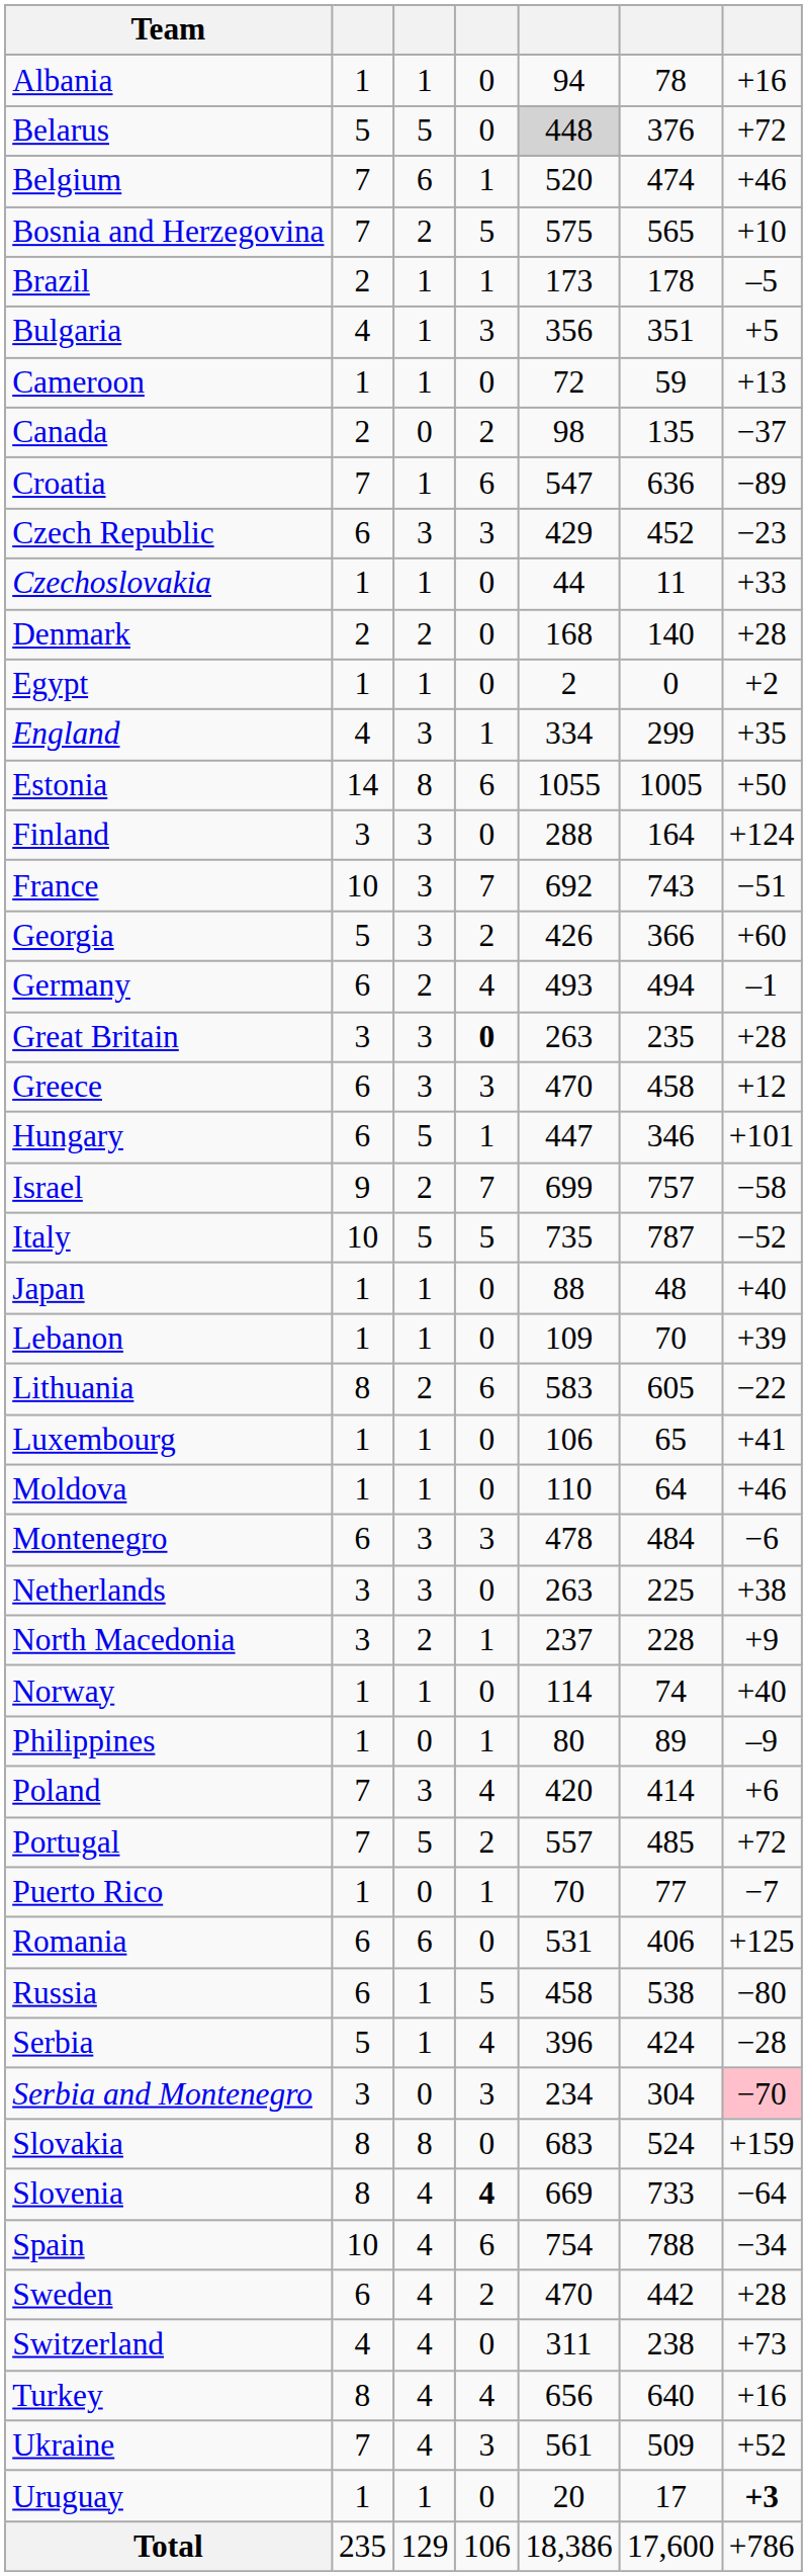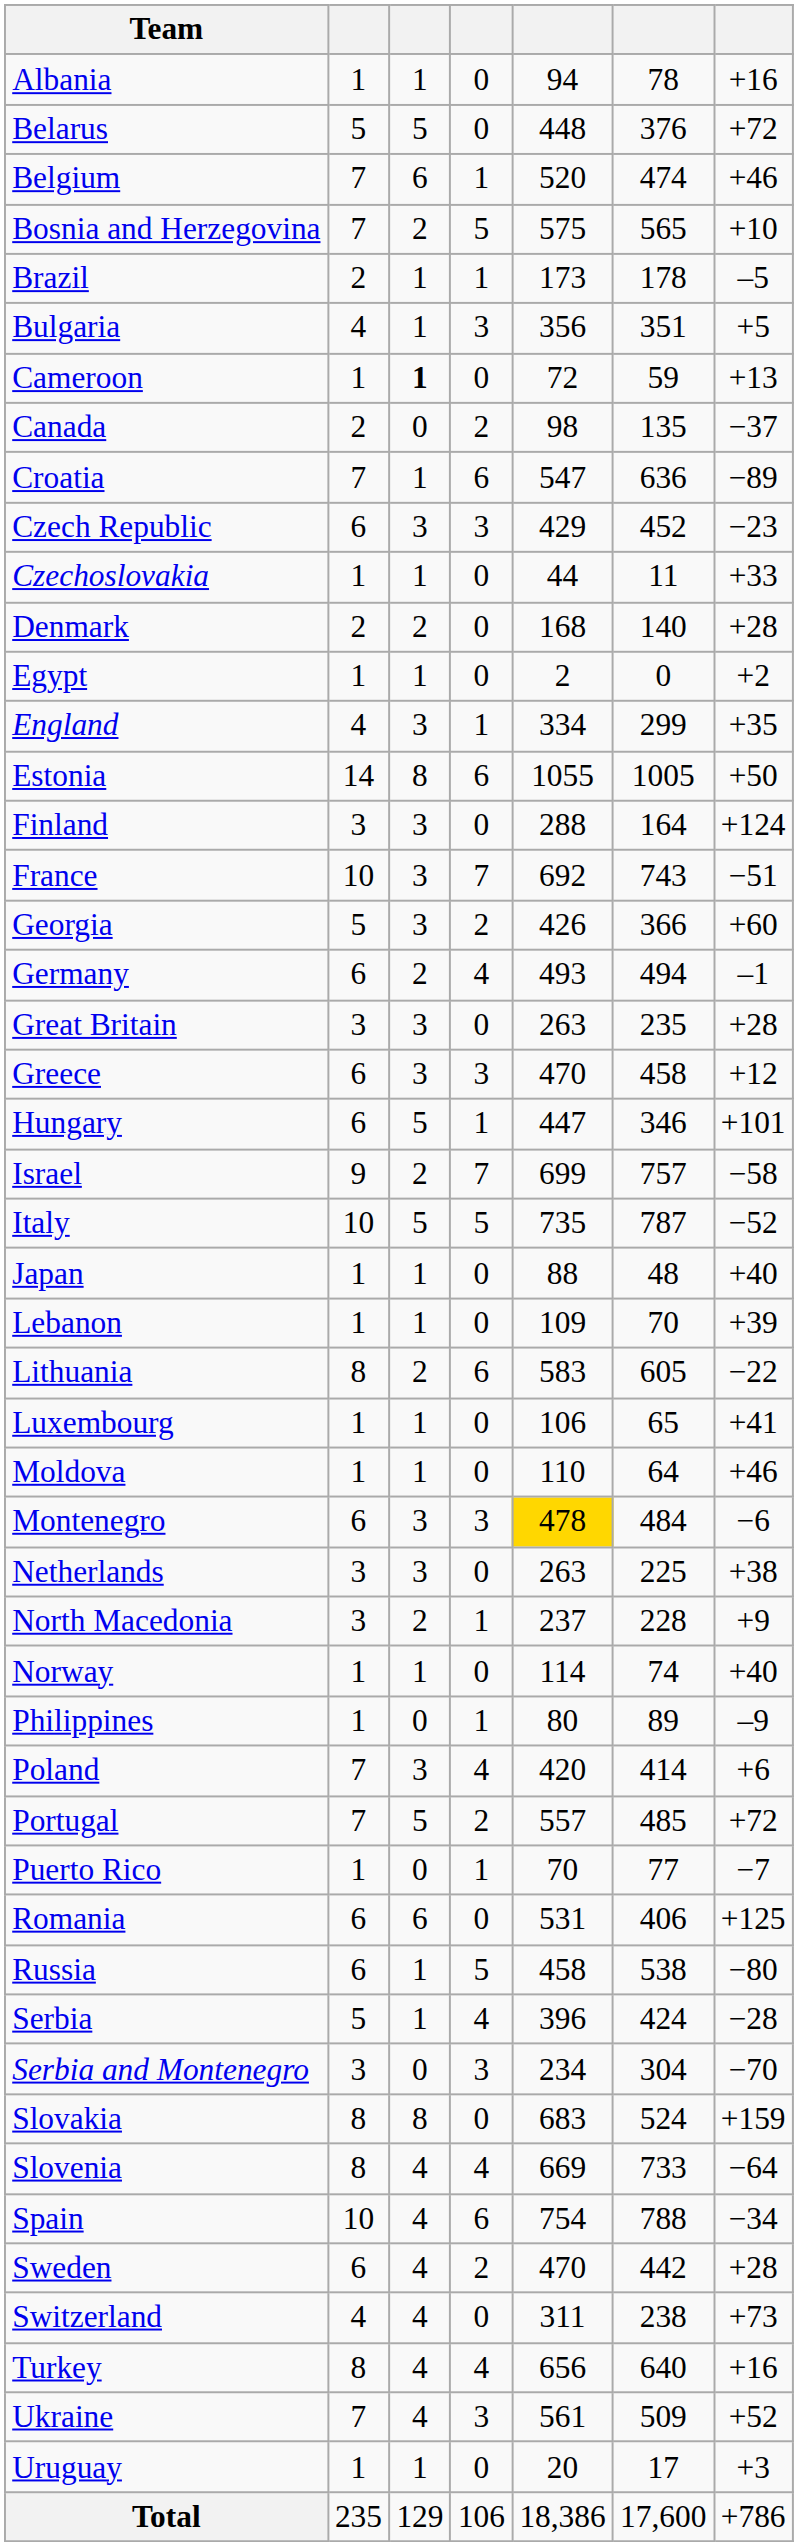 <table class="wikitable sortable collapsible collapsed" style="text-align: center; font-size: 100%;">
 <tr>
 <th>Team</th>
 <th width="15"></th>
 <th width="15"></th>
 <th width="15"></th>
 <th></th>
 <th></th>
 <th></th>
 </tr>
 <tr>
 <td align="left"> <a href='#'>Albania</a></td>
 <td>1</td>
 <td>1</td>
 <td>0</td>
 <td>94</td>
 <td>78</td>
 <td>+16</td>
 </tr>
 <tr>
 <td align="left"> <a href='#'>Belarus</a></td>
 <td>5</td>
 <td>5</td>
 <td>0</td>
-<td style="background: lightgrey;">448</td>
+<td>448</td>
 <td>376</td>
 <td>+72</td>
 </tr>
 <tr>
 <td align="left"> <a href='#'>Belgium</a></td>
 <td>7</td>
 <td>6</td>
 <td>1</td>
 <td>520</td>
 <td>474</td>
 <td>+46</td>
 </tr>
 <tr>
 <td align="left"> <a href='#'>Bosnia and Herzegovina</a></td>
 <td>7</td>
 <td>2</td>
 <td>5</td>
 <td>575</td>
 <td>565</td>
 <td>+10</td>
 </tr>
 <tr>
 <td align="left"> <a href='#'>Brazil</a></td>
 <td>2</td>
 <td>1</td>
 <td>1</td>
 <td>173</td>
 <td>178</td>
 <td>–5</td>
 </tr>
 <tr>
 <td align="left"> <a href='#'>Bulgaria</a></td>
 <td>4</td>
 <td>1</td>
 <td>3</td>
 <td>356</td>
 <td>351</td>
 <td>+5</td>
 </tr>
 <tr>
 <td align="left"> <a href='#'>Cameroon</a></td>
 <td>1</td>
-<td>1</td>
+<td><strong>1</strong></td>
 <td>0</td>
 <td>72</td>
 <td>59</td>
 <td>+13</td>
 </tr>
 <tr>
 <td align="left"> <a href='#'>Canada</a></td>
 <td>2</td>
 <td>0</td>
 <td>2</td>
 <td>98</td>
 <td>135</td>
 <td>−37</td>
 </tr>
 <tr>
 <td align="left"> <a href='#'>Croatia</a></td>
 <td>7</td>
 <td>1</td>
 <td>6</td>
 <td>547</td>
 <td>636</td>
 <td>−89</td>
 </tr>
 <tr>
 <td align="left"> <a href='#'>Czech Republic</a></td>
 <td>6</td>
 <td>3</td>
 <td>3</td>
 <td>429</td>
 <td>452</td>
 <td>−23</td>
 </tr>
 <tr>
 <td align="left"> <em><a href='#'>Czechoslovakia</a></em></td>
 <td>1</td>
 <td>1</td>
 <td>0</td>
 <td>44</td>
 <td>11</td>
 <td>+33</td>
 </tr>
 <tr>
 <td align="left"> <a href='#'>Denmark</a></td>
 <td>2</td>
 <td>2</td>
 <td>0</td>
 <td>168</td>
 <td>140</td>
 <td>+28</td>
 </tr>
 <tr>
 <td align="left"> <a href='#'>Egypt</a></td>
 <td>1</td>
 <td>1</td>
 <td>0</td>
 <td>2</td>
 <td>0</td>
 <td>+2</td>
 </tr>
 <tr>
 <td align="left"> <em><a href='#'>England</a></em></td>
 <td>4</td>
 <td>3</td>
 <td>1</td>
 <td>334</td>
 <td>299</td>
 <td>+35</td>
 </tr>
 <tr>
 <td align="left"> <a href='#'>Estonia</a></td>
 <td>14</td>
 <td>8</td>
 <td>6</td>
 <td>1055</td>
 <td>1005</td>
 <td>+50</td>
 </tr>
 <tr>
 <td align="left"> <a href='#'>Finland</a></td>
 <td>3</td>
 <td>3</td>
 <td>0</td>
 <td>288</td>
 <td>164</td>
 <td>+124</td>
 </tr>
 <tr>
 <td align="left"> <a href='#'>France</a></td>
 <td>10</td>
 <td>3</td>
 <td>7</td>
 <td>692</td>
 <td>743</td>
 <td>−51</td>
 </tr>
 <tr>
 <td align="left"> <a href='#'>Georgia</a></td>
 <td>5</td>
 <td>3</td>
 <td>2</td>
 <td>426</td>
 <td>366</td>
 <td>+60</td>
 </tr>
 <tr>
 <td align="left"> <a href='#'>Germany</a></td>
 <td>6</td>
 <td>2</td>
 <td>4</td>
 <td>493</td>
 <td>494</td>
 <td>–1</td>
 </tr>
 <tr>
 <td align="left"> <a href='#'>Great Britain</a></td>
 <td>3</td>
 <td>3</td>
-<td><strong>0</strong></td>
+<td>0</td>
 <td>263</td>
 <td>235</td>
 <td>+28</td>
 </tr>
 <tr>
 <td align="left"> <a href='#'>Greece</a></td>
 <td>6</td>
 <td>3</td>
 <td>3</td>
 <td>470</td>
 <td>458</td>
 <td>+12</td>
 </tr>
 <tr>
 <td align="left"> <a href='#'>Hungary</a></td>
 <td>6</td>
 <td>5</td>
 <td>1</td>
 <td>447</td>
 <td>346</td>
 <td>+101</td>
 </tr>
 <tr>
 <td align="left"> <a href='#'>Israel</a></td>
 <td>9</td>
 <td>2</td>
 <td>7</td>
 <td>699</td>
 <td>757</td>
 <td>−58</td>
 </tr>
 <tr>
 <td align="left"> <a href='#'>Italy</a></td>
 <td>10</td>
 <td>5</td>
 <td>5</td>
 <td>735</td>
 <td>787</td>
 <td>−52</td>
 </tr>
 <tr>
 <td align="left"> <a href='#'>Japan</a></td>
 <td>1</td>
 <td>1</td>
 <td>0</td>
 <td>88</td>
 <td>48</td>
 <td>+40</td>
 </tr>
 <tr>
 <td align="left"> <a href='#'>Lebanon</a></td>
 <td>1</td>
 <td>1</td>
 <td>0</td>
 <td>109</td>
 <td>70</td>
 <td>+39</td>
 </tr>
 <tr>
 <td align="left"> <a href='#'>Lithuania</a></td>
 <td>8</td>
 <td>2</td>
 <td>6</td>
 <td>583</td>
 <td>605</td>
 <td>−22</td>
 </tr>
 <tr>
 <td align="left"> <a href='#'>Luxembourg</a></td>
 <td>1</td>
 <td>1</td>
 <td>0</td>
 <td>106</td>
 <td>65</td>
 <td>+41</td>
 </tr>
 <tr>
 <td align="left"> <a href='#'>Moldova</a></td>
 <td>1</td>
 <td>1</td>
 <td>0</td>
 <td>110</td>
 <td>64</td>
 <td>+46</td>
 </tr>
 <tr>
 <td align="left"> <a href='#'>Montenegro</a></td>
 <td>6</td>
 <td>3</td>
 <td>3</td>
-<td>478</td>
+<td style="background: gold;">478</td>
 <td>484</td>
 <td>−6</td>
 </tr>
 <tr>
 <td align="left"> <a href='#'>Netherlands</a></td>
 <td>3</td>
 <td>3</td>
 <td>0</td>
 <td>263</td>
 <td>225</td>
 <td>+38</td>
 </tr>
 <tr>
 <td align="left"> <a href='#'>North Macedonia</a></td>
 <td>3</td>
 <td>2</td>
 <td>1</td>
 <td>237</td>
 <td>228</td>
 <td>+9</td>
 </tr>
 <tr>
 <td align="left"> <a href='#'>Norway</a></td>
 <td>1</td>
 <td>1</td>
 <td>0</td>
 <td>114</td>
 <td>74</td>
 <td>+40</td>
 </tr>
 <tr>
 <td align="left"> <a href='#'>Philippines</a></td>
 <td>1</td>
 <td>0</td>
 <td>1</td>
 <td>80</td>
 <td>89</td>
 <td>–9</td>
 </tr>
 <tr>
 <td align="left"> <a href='#'>Poland</a></td>
 <td>7</td>
 <td>3</td>
 <td>4</td>
 <td>420</td>
 <td>414</td>
 <td>+6</td>
 </tr>
 <tr>
 <td align="left"> <a href='#'>Portugal</a></td>
 <td>7</td>
 <td>5</td>
 <td>2</td>
 <td>557</td>
 <td>485</td>
 <td>+72</td>
 </tr>
 <tr>
 <td align="left"> <a href='#'>Puerto Rico</a></td>
 <td>1</td>
 <td>0</td>
 <td>1</td>
 <td>70</td>
 <td>77</td>
 <td>−7</td>
 </tr>
 <tr>
 <td align="left"> <a href='#'>Romania</a></td>
 <td>6</td>
 <td>6</td>
 <td>0</td>
 <td>531</td>
 <td>406</td>
 <td>+125</td>
 </tr>
 <tr>
 <td align="left"> <a href='#'>Russia</a></td>
 <td>6</td>
 <td>1</td>
 <td>5</td>
 <td>458</td>
 <td>538</td>
 <td>−80</td>
 </tr>
 <tr>
 <td align="left"> <a href='#'>Serbia</a></td>
 <td>5</td>
 <td>1</td>
 <td>4</td>
 <td>396</td>
 <td>424</td>
 <td>−28</td>
 </tr>
 <tr>
 <td align="left"> <em><a href='#'>Serbia and Montenegro</a></em></td>
 <td>3</td>
 <td>0</td>
 <td>3</td>
 <td>234</td>
 <td>304</td>
-<td style="background: pink;">−70</td>
+<td>−70</td>
 </tr>
 <tr>
 <td align="left"> <a href='#'>Slovakia</a></td>
 <td>8</td>
 <td>8</td>
 <td>0</td>
 <td>683</td>
 <td>524</td>
 <td>+159</td>
 </tr>
 <tr>
 <td align="left"> <a href='#'>Slovenia</a></td>
 <td>8</td>
 <td>4</td>
-<td><strong>4</strong></td>
+<td>4</td>
 <td>669</td>
 <td>733</td>
 <td>−64</td>
 </tr>
 <tr>
 <td align="left"> <a href='#'>Spain</a></td>
 <td>10</td>
 <td>4</td>
 <td>6</td>
 <td>754</td>
 <td>788</td>
 <td>−34</td>
 </tr>
 <tr>
 <td align="left"> <a href='#'>Sweden</a></td>
 <td>6</td>
 <td>4</td>
 <td>2</td>
 <td>470</td>
 <td>442</td>
 <td>+28</td>
 </tr>
 <tr>
 <td align="left"> <a href='#'>Switzerland</a></td>
 <td>4</td>
 <td>4</td>
 <td>0</td>
 <td>311</td>
 <td>238</td>
 <td>+73</td>
 </tr>
 <tr>
 <td align="left"> <a href='#'>Turkey</a></td>
 <td>8</td>
 <td>4</td>
 <td>4</td>
 <td>656</td>
 <td>640</td>
 <td>+16</td>
 </tr>
 <tr>
 <td align="left"> <a href='#'>Ukraine</a></td>
 <td>7</td>
 <td>4</td>
 <td>3</td>
 <td>561</td>
 <td>509</td>
 <td>+52</td>
 </tr>
 <tr>
 <td align="left"> <a href='#'>Uruguay</a></td>
 <td>1</td>
 <td>1</td>
 <td>0</td>
 <td>20</td>
 <td>17</td>
-<td><strong>+3</strong></td>
+<td>+3</td>
 </tr>
 <tr>
 <th>Total</th>
 <td>235</td>
 <td>129</td>
 <td>106</td>
 <td>18,386</td>
 <td>17,600</td>
 <td>+786</td>
 </tr>
 </table>
